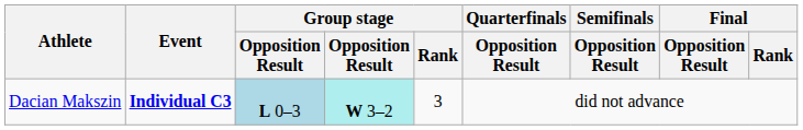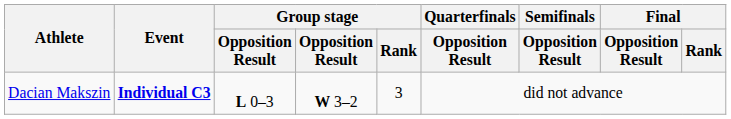 <table class=wikitable>
 <tr>
 <th rowspan="2">Athlete</th>
 <th rowspan="2">Event</th>
 <th colspan="3">Group stage</th>
 <th>Quarterfinals</th>
 <th>Semifinals</th>
 <th colspan="2">Final</th>
 </tr>
 <tr>
 <th>Opposition<br>Result</th>
 <th>Opposition<br>Result</th>
 <th>Rank</th>
 <th>Opposition<br>Result</th>
 <th>Opposition<br>Result</th>
 <th>Opposition<br>Result</th>
 <th>Rank</th>
 </tr>
 <tr align=center>
 <td align=left><a href='#'>Dacian Makszin</a></td>
 <td align=left><strong><a href='#'>Individual C3</a></strong></td>
-<td style="background: lightblue;"><br> <strong>L</strong> 0–3</td>
-<td style="background: paleturquoise;"><br> <strong>W</strong> 3–2</td>
+<td><br> <strong>L</strong> 0–3</td>
+<td><br> <strong>W</strong> 3–2</td>
 <td>3</td>
 <td colspan=4>did not advance</td>
 </tr>
 </table>
